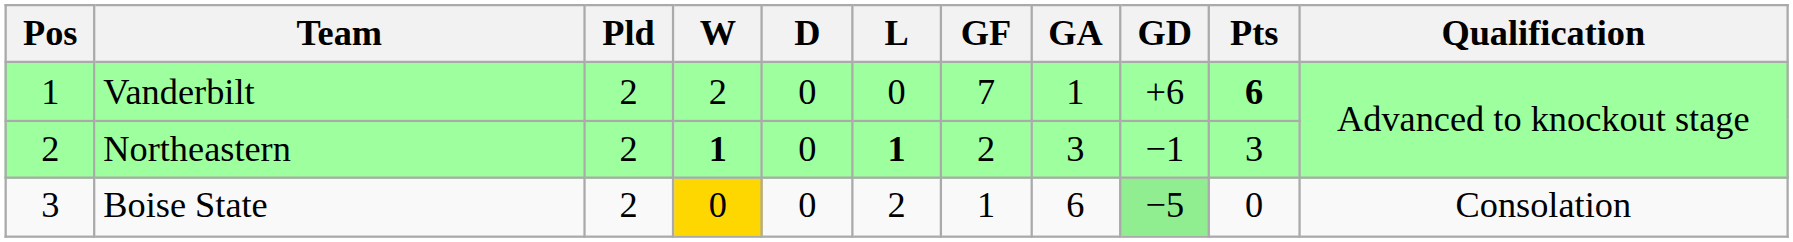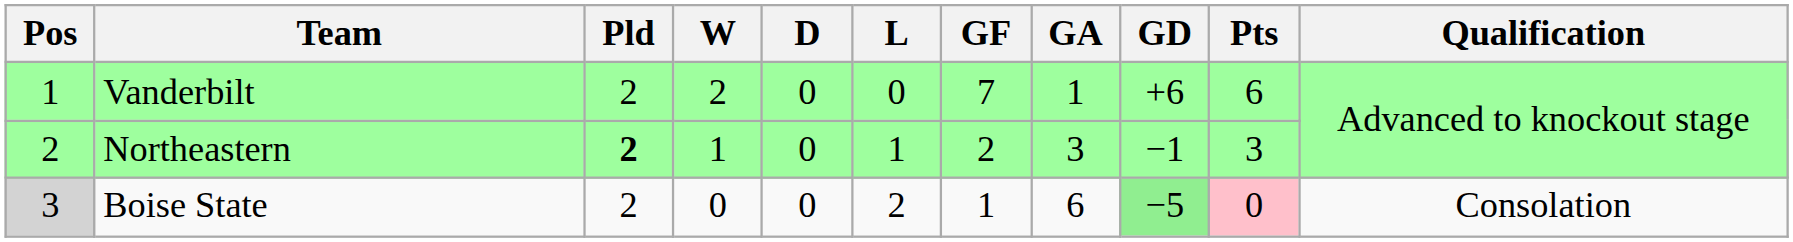 <table class="wikitable" style="text-align:center; margin: 1em auto">
 <tr>
 <th style="width:2em">Pos</th>
 <th style="width:13em">Team</th>
 <th style="width:2em">Pld</th>
 <th style="width:2em">W</th>
 <th style="width:2em">D</th>
 <th style="width:2em">L</th>
 <th style="width:2em">GF</th>
 <th style="width:2em">GA</th>
 <th style="width:2em">GD</th>
 <th style="width:2em">Pts</th>
 <th style="width:13em">Qualification</th>
 </tr>
 <tr bgcolor="#9eff9e">
 <td>1</td>
 <td style="text-align:left">Vanderbilt</td>
 <td>2</td>
 <td>2</td>
 <td>0</td>
 <td>0</td>
 <td>7</td>
 <td>1</td>
 <td>+6</td>
-<td><strong>6</strong></td>
+<td>6</td>
 <td rowspan="2">Advanced to knockout stage</td>
 </tr>
 <tr bgcolor="#9eff9e">
 <td>2</td>
 <td style="text-align:left">Northeastern</td>
-<td>2</td>
-<td><strong>1</strong></td>
+<td><strong>2</strong></td>
+<td>1</td>
 <td>0</td>
-<td><strong>1</strong></td>
+<td>1</td>
 <td>2</td>
 <td>3</td>
 <td>−1</td>
 <td>3</td>
 </tr>
 <tr>
-<td>3</td>
+<td style="background: lightgrey;">3</td>
 <td style="text-align:left">Boise State</td>
 <td>2</td>
-<td style="background: gold;">0</td>
+<td>0</td>
 <td>0</td>
 <td>2</td>
 <td>1</td>
 <td>6</td>
 <td style="background: lightgreen;">−5</td>
-<td>0</td>
+<td style="background: pink;">0</td>
 <td>Consolation</td>
 </tr>
 </table>
